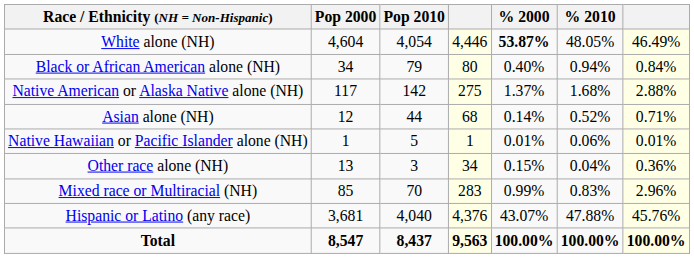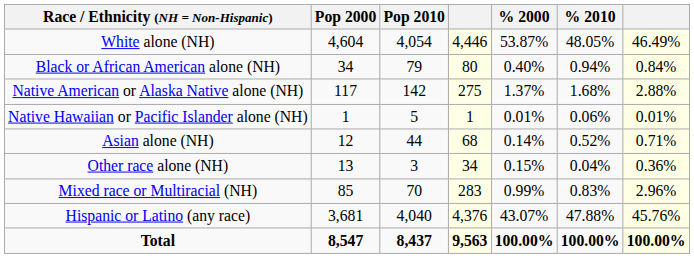 <table class="wikitable" style="text-align:center;">
 <tr>
 <th>Race / Ethnicity <small>(<em>NH = Non-Hispanic</em>)</small></th>
 <th>Pop 2000</th>
 <th>Pop 2010</th>
 <th></th>
 <th>% 2000</th>
 <th>% 2010</th>
 <th></th>
 </tr>
 <tr>
 <td><a href='#'>White</a> alone (NH)</td>
 <td>4,604</td>
 <td>4,054</td>
 <td style='background: #ffffe6;'>4,446</td>
-<td><strong>53.87%</strong></td>
+<td>53.87%</td>
 <td>48.05%</td>
 <td style='background: #ffffe6;'>46.49%</td>
 </tr>
 <tr>
 <td><a href='#'>Black or African American</a> alone (NH)</td>
 <td>34</td>
 <td>79</td>
 <td style='background: #ffffe6;'>80</td>
 <td>0.40%</td>
 <td>0.94%</td>
 <td style='background: #ffffe6;'>0.84%</td>
 </tr>
 <tr>
 <td><a href='#'>Native American</a> or <a href='#'>Alaska Native</a> alone (NH)</td>
 <td>117</td>
 <td>142</td>
 <td style='background: #ffffe6;'>275</td>
 <td>1.37%</td>
 <td>1.68%</td>
 <td style='background: #ffffe6;'>2.88%</td>
 </tr>
 <tr>
+<td><a href='#'>Native Hawaiian</a> or <a href='#'>Pacific Islander</a> alone (NH)</td>
+<td>1</td>
+<td>5</td>
+<td style='background: #ffffe6;'>1</td>
+<td>0.01%</td>
+<td>0.06%</td>
+<td style='background: #ffffe6;'>0.01%</td>
+</tr>
+<tr>
 <td><a href='#'>Asian</a> alone (NH)</td>
 <td>12</td>
 <td>44</td>
 <td style='background: #ffffe6;'>68</td>
 <td>0.14%</td>
 <td>0.52%</td>
 <td style='background: #ffffe6;'>0.71%</td>
-</tr>
-<tr>
-<td><a href='#'>Native Hawaiian</a> or <a href='#'>Pacific Islander</a> alone (NH)</td>
-<td>1</td>
-<td>5</td>
-<td style='background: #ffffe6;'>1</td>
-<td>0.01%</td>
-<td>0.06%</td>
-<td style='background: #ffffe6;'>0.01%</td>
 </tr>
 <tr>
 <td><a href='#'>Other race</a> alone (NH)</td>
 <td>13</td>
 <td>3</td>
 <td style='background: #ffffe6;'>34</td>
 <td>0.15%</td>
 <td>0.04%</td>
 <td style='background: #ffffe6;'>0.36%</td>
 </tr>
 <tr>
 <td><a href='#'>Mixed race or Multiracial</a> (NH)</td>
 <td>85</td>
 <td>70</td>
 <td style='background: #ffffe6;'>283</td>
 <td>0.99%</td>
 <td>0.83%</td>
 <td style='background: #ffffe6;'>2.96%</td>
 </tr>
 <tr>
 <td><a href='#'>Hispanic or Latino</a> (any race)</td>
 <td>3,681</td>
 <td>4,040</td>
 <td style='background: #ffffe6;'>4,376</td>
 <td>43.07%</td>
 <td>47.88%</td>
 <td style='background: #ffffe6;'>45.76%</td>
 </tr>
 <tr>
 <td><strong>Total</strong></td>
 <td><strong>8,547</strong></td>
 <td><strong>8,437</strong></td>
 <td style='background: #ffffe6;'><strong>9,563</strong></td>
 <td><strong>100.00%</strong></td>
 <td><strong>100.00%</strong></td>
 <td style='background: #ffffe6;'><strong>100.00%</strong></td>
 </tr>
 </table>
